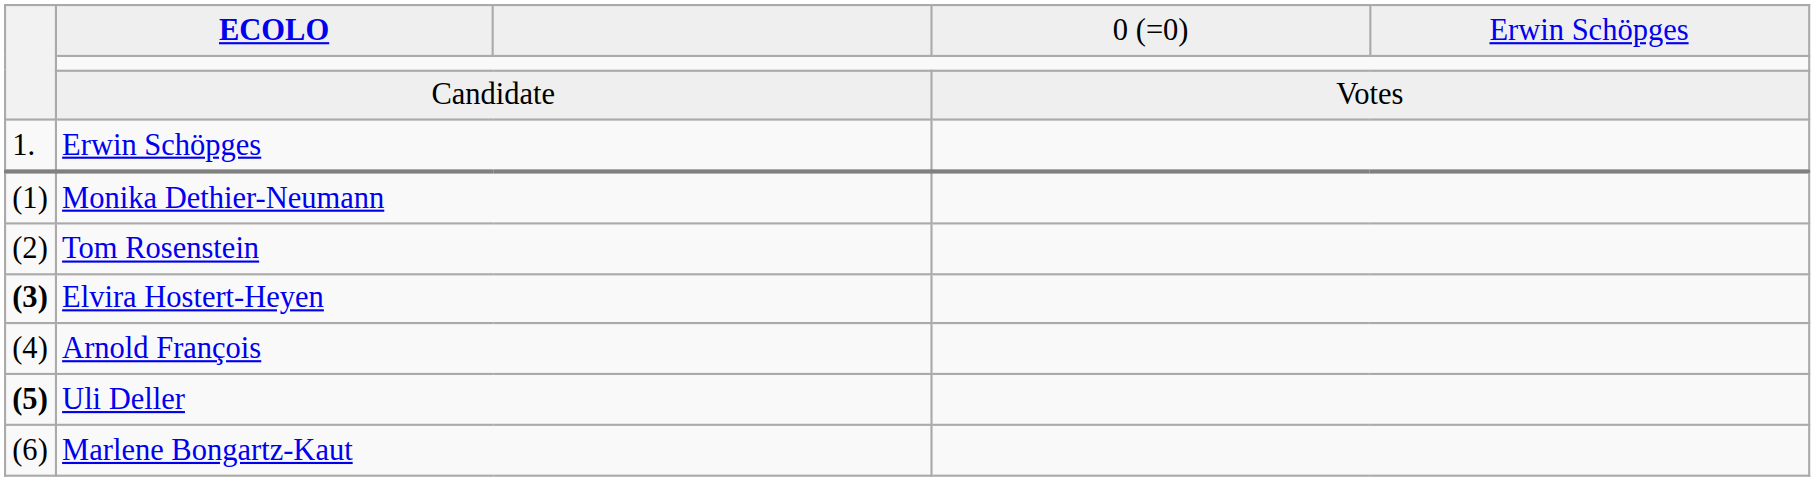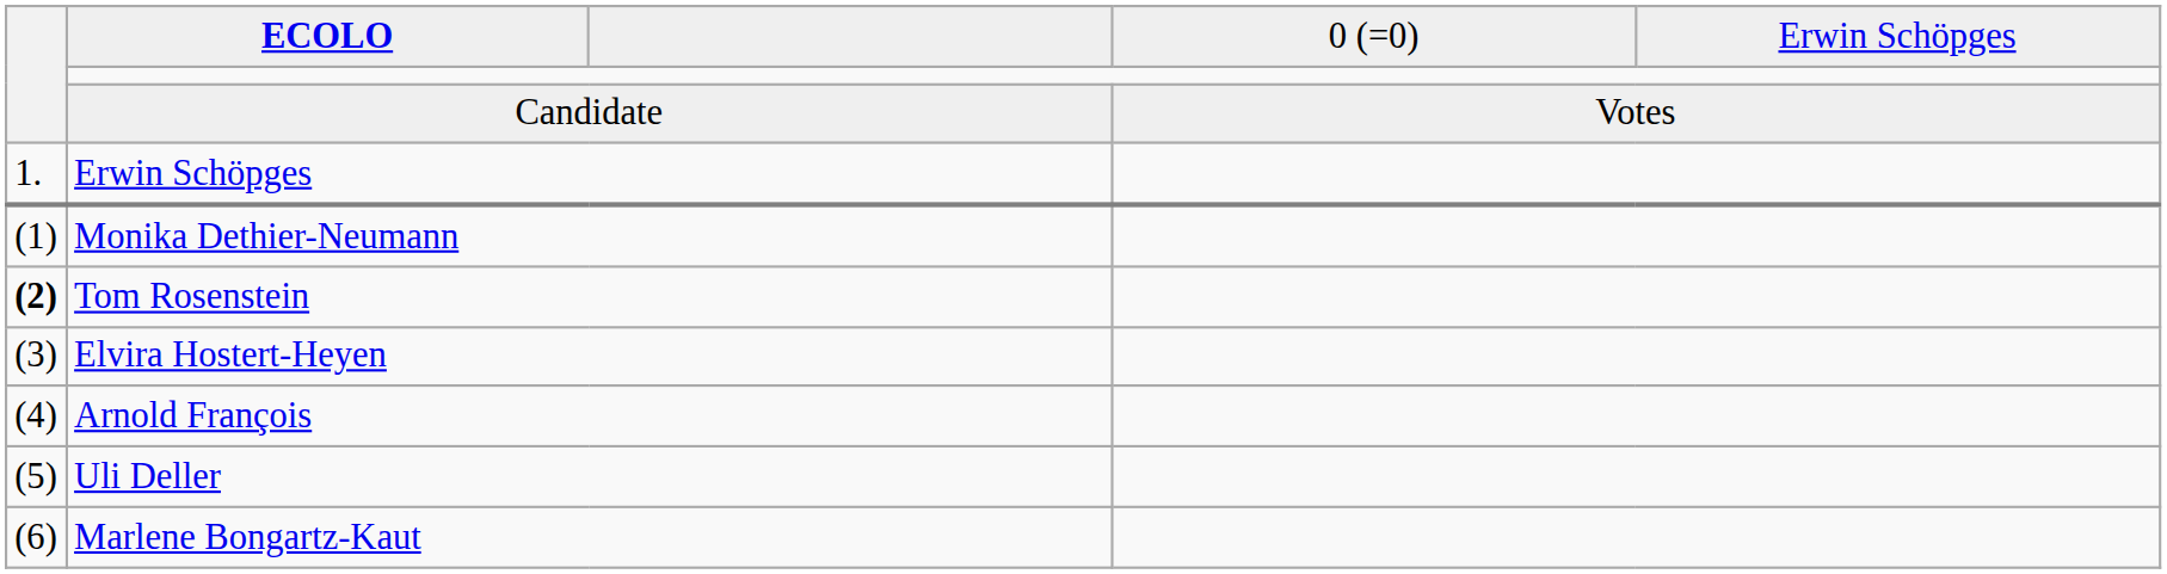 <table class="wikitable collapsible collapsed" style=text-align:left;font-size:90%>
 <tr>
 <th rowspan=3></th>
 <td bgcolor=efefef width=200 align=center><strong> <a href='#'>ECOLO</a> </strong></td>
 <td bgcolor=efefef width=200 align=center></td>
 <td bgcolor=efefef width=200 align=center>0 (=0)</td>
 <td bgcolor=efefef width=200 align=center><a href='#'>Erwin Schöpges</a></td>
 </tr>
 <tr>
 <td colspan=4 bgcolor=></td>
 </tr>
 <tr>
 <td bgcolor=efefef align=center colspan=2>Candidate</td>
 <td bgcolor=efefef align=center colspan=2>Votes</td>
 </tr>
 <tr>
 <td>1.</td>
 <td colspan=2><a href='#'>Erwin Schöpges</a></td>
 <td colspan=2></td>
 </tr>
 <tr style="border-top:2px solid gray;">
 <td>(1)</td>
 <td colspan=2><a href='#'>Monika Dethier-Neumann</a></td>
 <td colspan=2></td>
 </tr>
 <tr>
-<td>(2)</td>
+<td><strong>(2)</strong></td>
 <td colspan=2><a href='#'>Tom Rosenstein</a></td>
 <td colspan=2></td>
 </tr>
 <tr>
-<td><strong>(3)</strong></td>
+<td>(3)</td>
 <td colspan=2><a href='#'>Elvira Hostert-Heyen</a></td>
 <td colspan=2></td>
 </tr>
 <tr>
 <td>(4)</td>
 <td colspan=2><a href='#'>Arnold François</a></td>
 <td colspan=2></td>
 </tr>
 <tr>
-<td><strong>(5)</strong></td>
+<td>(5)</td>
 <td colspan=2><a href='#'>Uli Deller</a></td>
 <td colspan=2></td>
 </tr>
 <tr>
 <td>(6)</td>
 <td colspan=2><a href='#'>Marlene Bongartz-Kaut</a></td>
 <td colspan=2></td>
 </tr>
 </table>
